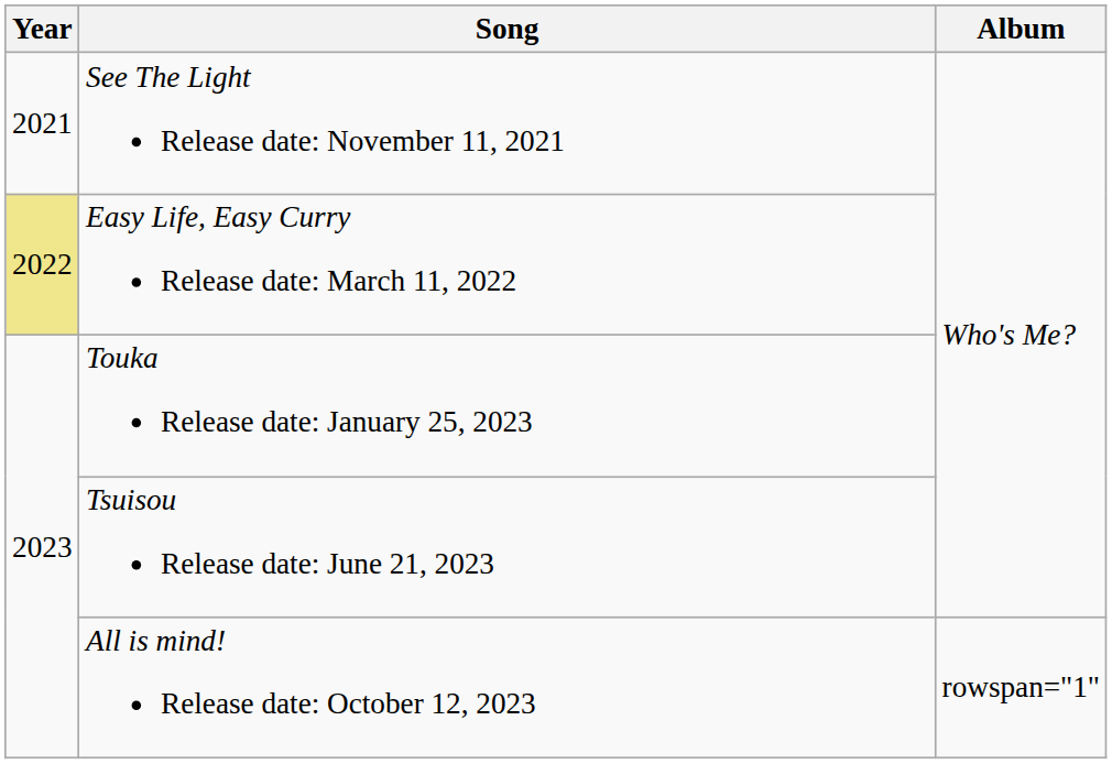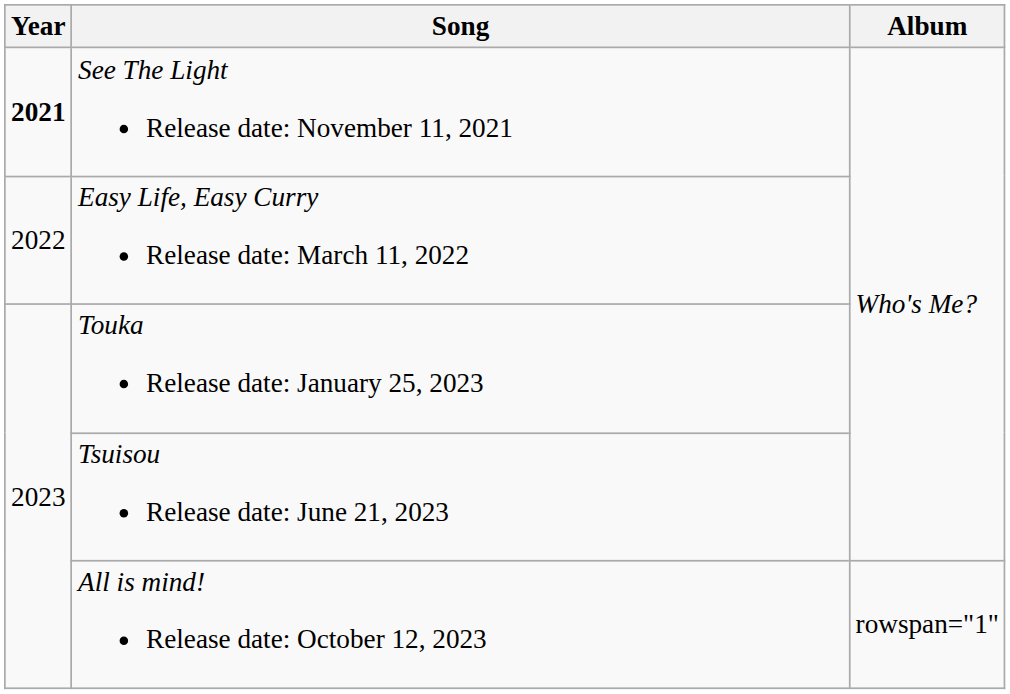 <table class="wikitable" border="1">
 <tr>
 <th rowspan="1">Year</th>
 <th rowspan="1" width="450">Song</th>
 <th rowspan="1">Album</th>
 </tr>
 <tr>
-<td rowspan="1">2021</td>
+<td rowspan="1"><strong>2021</strong></td>
 <td align="left"><em>See The Light</em><br><ul><li>Release date: November 11, 2021</li></ul></td>
 <td rowspan="4"><em>Who's Me?</em></td>
 </tr>
 <tr>
-<td rowspan="1" style="background: khaki;">2022</td>
+<td rowspan="1">2022</td>
 <td align="left"><em>Easy Life, Easy Curry</em><br><ul><li>Release date: March 11, 2022</li></ul></td>
 </tr>
 <tr>
 <td rowspan="3">2023</td>
 <td align="left"><em>Touka</em><br><ul><li>Release date: January 25, 2023</li></ul></td>
 </tr>
 <tr>
 <td align="left"><em>Tsuisou</em><br><ul><li>Release date: June 21, 2023</li></ul></td>
 </tr>
 <tr>
 <td align="left"><em>All is mind!</em><br><ul><li>Release date: October 12, 2023</li></ul></td>
 <td>rowspan="1" </td>
 </tr>
 </table>
